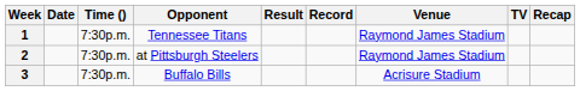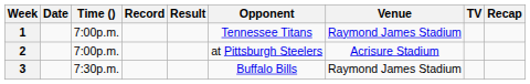 <table class="wikitable" style="text-align:center">
 <tr>
 <th>Week</th>
 <th>Date</th>
 <th>Time (<a href='#'></a>)</th>
+<th>Record</th>
+<th>Result</th>
 <th>Opponent</th>
-<th>Result</th>
-<th>Record</th>
 <th>Venue</th>
 <th>TV</th>
 <th>Recap</th>
 </tr>
 <tr>
 <th>1</th>
 <td></td>
-<td>7:30p.m.</td>
-<td><a href='#'>Tennessee Titans</a></td>
+<td>7:00p.m.</td>
 <td></td>
 <td></td>
+<td><a href='#'>Tennessee Titans</a></td>
 <td><a href='#'>Raymond James Stadium</a></td>
 <td></td>
 <td></td>
 </tr>
 <tr>
 <th>2</th>
 <td></td>
-<td>7:30p.m.</td>
-<td>at <a href='#'>Pittsburgh Steelers</a></td>
+<td>7:00p.m.</td>
 <td></td>
 <td></td>
-<td><a href='#'>Raymond James Stadium</a></td>
+<td>at <a href='#'>Pittsburgh Steelers</a></td>
+<td><a href='#'>Acrisure Stadium</a></td>
 <td></td>
 <td></td>
 </tr>
 <tr>
 <th>3</th>
 <td></td>
 <td>7:30p.m.</td>
-<td><a href='#'>Buffalo Bills</a></td>
 <td></td>
 <td></td>
-<td><a href='#'>Acrisure Stadium</a></td>
+<td><a href='#'>Buffalo Bills</a></td>
+<td>Raymond James Stadium</td>
 <td></td>
 <td></td>
 </tr>
 </table>
